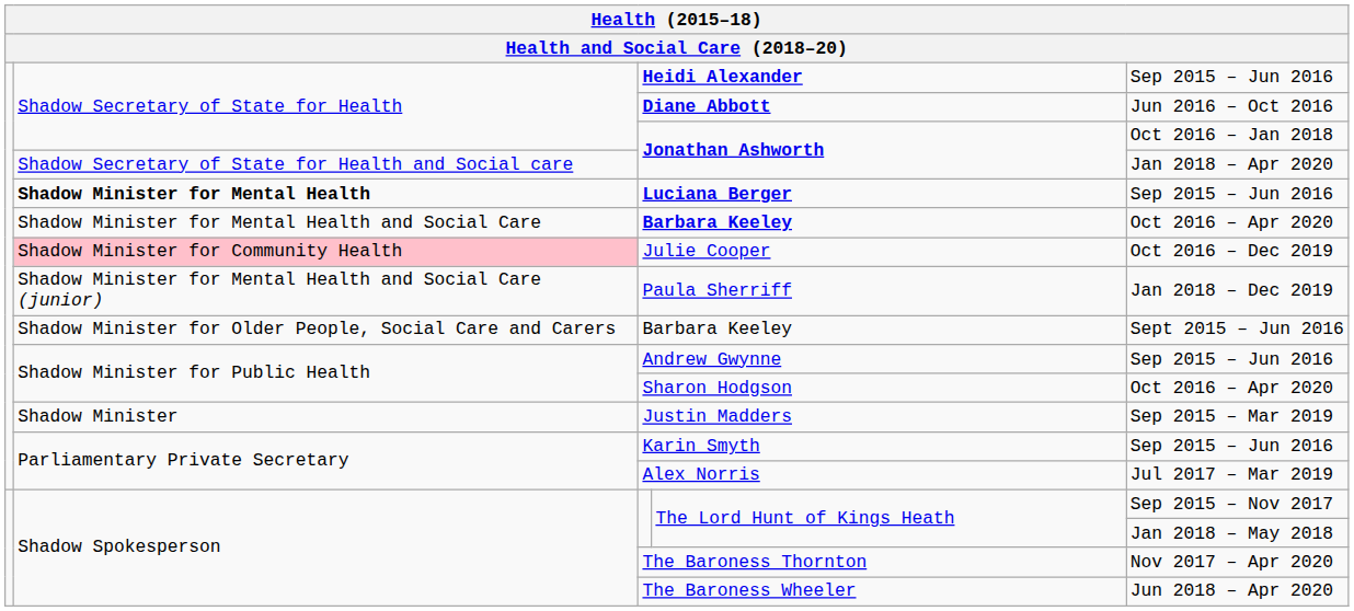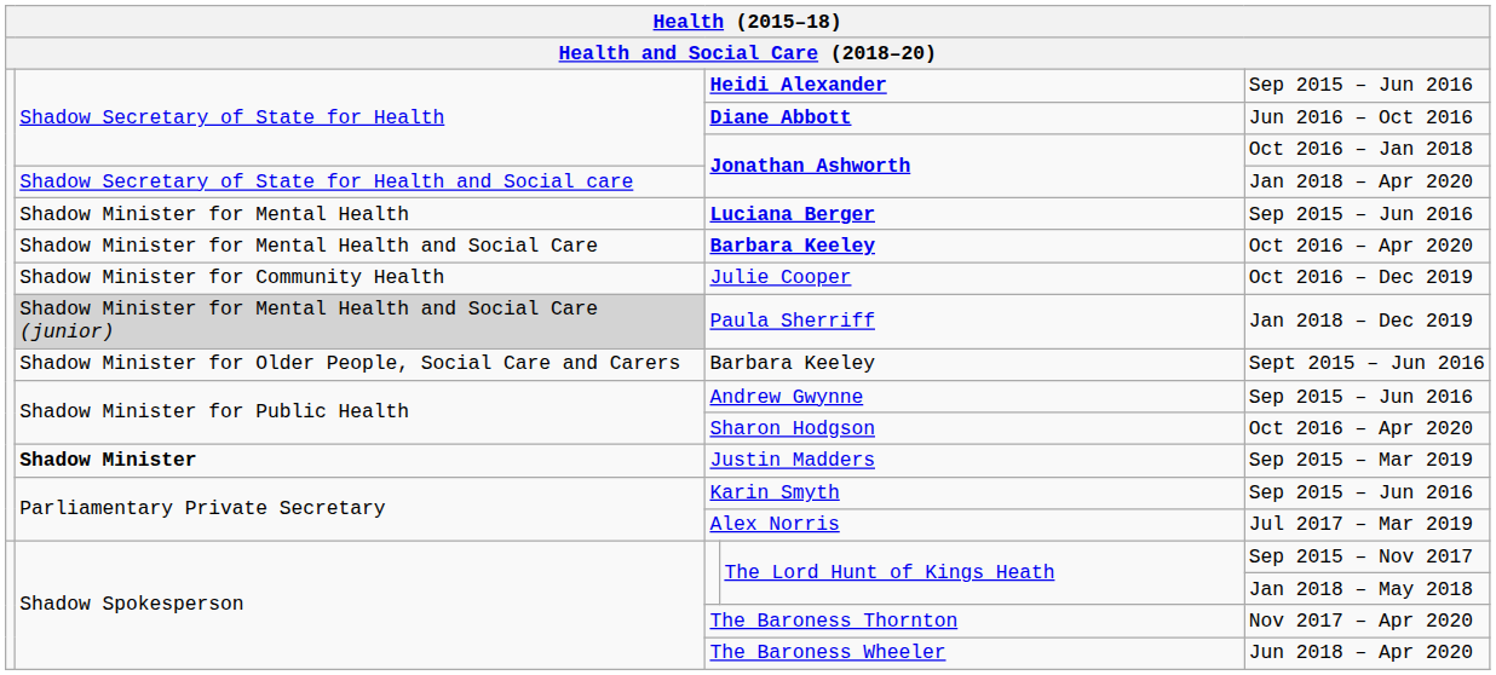 <table class="wikitable">
 <tr>
 <th colspan="5"><a href='#'>Health</a> (2015–18)</th>
 </tr>
 <tr>
 <th colspan="5"><a href='#'>Health and Social Care</a> (2018–20)</th>
 </tr>
 <tr>
 <td rowspan="14" style="background: "></td>
 <td rowspan="3" style="width: 450px;"><a href='#'>Shadow Secretary of State for Health</a></td>
 <td colspan="2" style="width: 350px;"><strong><a href='#'>Heidi Alexander</a></strong></td>
 <td>Sep 2015 – Jun 2016</td>
 </tr>
 <tr>
 <td colspan="2"><strong><a href='#'>Diane Abbott</a></strong></td>
 <td>Jun 2016 – Oct 2016</td>
 </tr>
 <tr>
 <td colspan="2" rowspan="2"><strong><a href='#'>Jonathan Ashworth</a></strong></td>
 <td>Oct 2016 – Jan 2018</td>
 </tr>
 <tr>
 <td><a href='#'>Shadow Secretary of State for Health and Social care</a></td>
 <td>Jan 2018 – Apr 2020</td>
 </tr>
 <tr>
-<td><strong>Shadow Minister for Mental Health</strong></td>
+<td>Shadow Minister for Mental Health</td>
 <td colspan="2"><strong><a href='#'>Luciana Berger</a></strong></td>
 <td>Sep 2015 – Jun 2016</td>
 </tr>
 <tr>
 <td>Shadow Minister for Mental Health and Social Care</td>
 <td colspan="2"><strong><a href='#'>Barbara Keeley</a></strong></td>
 <td>Oct 2016 – Apr 2020</td>
 </tr>
 <tr>
-<td style="background: pink;">Shadow Minister for Community Health</td>
+<td>Shadow Minister for Community Health</td>
 <td colspan="2"><a href='#'>Julie Cooper</a></td>
 <td>Oct 2016 – Dec 2019</td>
 </tr>
 <tr>
-<td>Shadow Minister for Mental Health and Social Care <em>(junior)</em></td>
+<td style="background: lightgrey;">Shadow Minister for Mental Health and Social Care <em>(junior)</em></td>
 <td colspan="2"><a href='#'>Paula Sherriff</a></td>
 <td>Jan 2018 – Dec 2019</td>
 </tr>
 <tr>
 <td>Shadow Minister for Older People, Social Care and Carers</td>
 <td colspan="2">Barbara Keeley</td>
 <td>Sept 2015 – Jun 2016</td>
 </tr>
 <tr>
 <td rowspan="2">Shadow Minister for Public Health</td>
 <td colspan="2"><a href='#'>Andrew Gwynne</a></td>
 <td>Sep 2015 – Jun 2016</td>
 </tr>
 <tr>
 <td colspan="2"><a href='#'>Sharon Hodgson</a></td>
 <td>Oct 2016 – Apr 2020</td>
 </tr>
 <tr>
-<td rowspan="1">Shadow Minister</td>
+<td rowspan="1"><strong>Shadow Minister</strong></td>
 <td colspan="2"><a href='#'>Justin Madders</a></td>
 <td>Sep 2015 – Mar 2019</td>
 </tr>
 <tr>
 <td rowspan="2">Parliamentary Private Secretary</td>
 <td colspan="2"><a href='#'>Karin Smyth</a></td>
 <td>Sep 2015 – Jun 2016</td>
 </tr>
 <tr>
 <td colspan="2"><a href='#'>Alex Norris</a></td>
 <td>Jul 2017 – Mar 2019</td>
 </tr>
 <tr>
 <td rowspan="4" style="background: "></td>
 <td rowspan="4">Shadow Spokesperson</td>
 <td rowspan="2" style="background: "></td>
 <td rowspan="2"><a href='#'>The Lord Hunt of Kings Heath</a></td>
 <td>Sep 2015 – Nov 2017</td>
 </tr>
 <tr>
 <td>Jan 2018 – May 2018</td>
 </tr>
 <tr>
 <td colspan="2"><a href='#'>The Baroness Thornton</a></td>
 <td>Nov 2017 – Apr 2020</td>
 </tr>
 <tr>
 <td colspan="2"><a href='#'>The Baroness Wheeler</a></td>
 <td>Jun 2018 – Apr 2020</td>
 </tr>
 </table>
